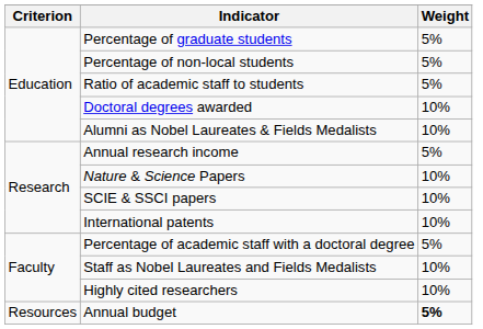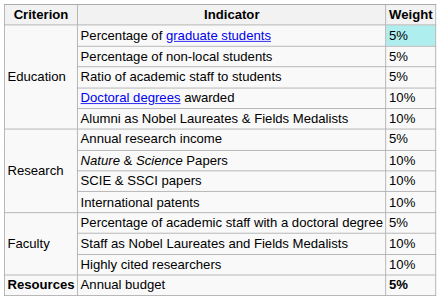 <table class="wikitable">
 <tr>
 </tr>
 <tr>
 <th>Criterion</th>
 <th>Indicator</th>
 <th>Weight</th>
 </tr>
 <tr>
 <td rowspan=5>Education</td>
 <td>Percentage of <a href='#'>graduate students</a></td>
-<td>5%</td>
+<td style="background: paleturquoise;">5%</td>
 </tr>
 <tr>
 <td>Percentage of non-local students</td>
 <td>5%</td>
 </tr>
 <tr>
 <td>Ratio of academic staff to students</td>
 <td>5%</td>
 </tr>
 <tr>
 <td><a href='#'>Doctoral degrees</a> awarded</td>
 <td>10%</td>
 </tr>
 <tr>
 <td>Alumni as Nobel Laureates & Fields Medalists</td>
 <td>10%</td>
 </tr>
 <tr>
 <td rowspan=4>Research</td>
 <td>Annual research income</td>
 <td>5%</td>
 </tr>
 <tr>
 <td><em>Nature</em> & <em>Science</em> Papers</td>
 <td>10%</td>
 </tr>
 <tr>
 <td>SCIE & SSCI papers</td>
 <td>10%</td>
 </tr>
 <tr>
 <td>International patents</td>
 <td>10%</td>
 </tr>
 <tr>
 <td rowspan=3>Faculty</td>
 <td>Percentage of academic staff with a doctoral degree</td>
 <td>5%</td>
 </tr>
 <tr>
 <td>Staff as Nobel Laureates and Fields Medalists</td>
 <td>10%</td>
 </tr>
 <tr>
 <td>Highly cited researchers</td>
 <td>10%</td>
 </tr>
 <tr>
-<td>Resources</td>
+<td><strong>Resources</strong></td>
 <td>Annual budget</td>
 <td><strong>5%</strong></td>
 </tr>
 </table>
